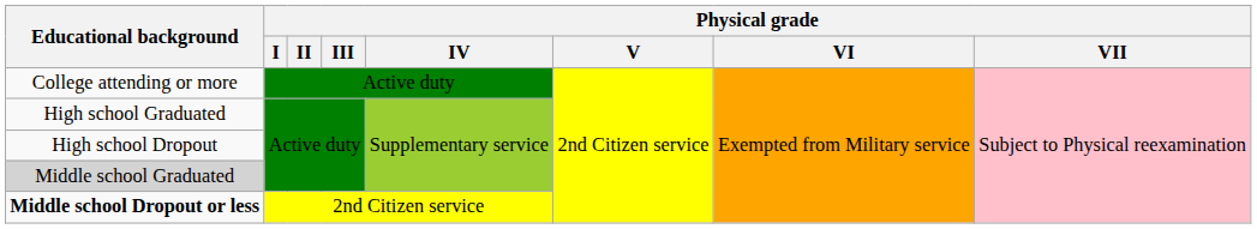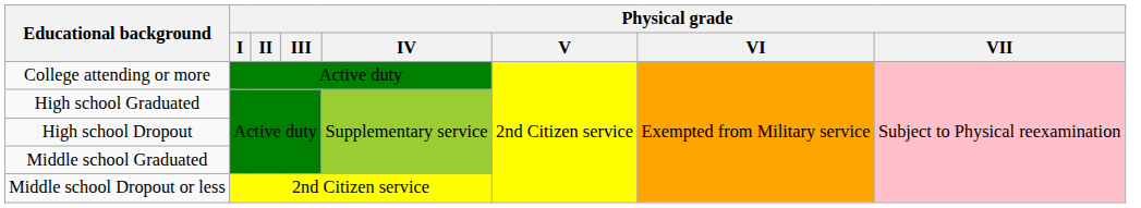 <table class="wikitable">
 <tr>
 <th rowspan="2">Educational background</th>
 <th colspan="7">Physical grade</th>
 </tr>
 <tr>
 <th>I</th>
 <th>II</th>
 <th>III</th>
 <th>IV</th>
 <th>V</th>
 <th>VI</th>
 <th>VII</th>
 </tr>
 <tr>
 <td div style="text-align:center">College attending or more</td>
 <td colspan="4" div style="background:green; text-align:center;">Active duty</td>
 <td rowspan="5" div style="background:yellow; text-align:center;">2nd Citizen service</td>
 <td rowspan="5" div style="background:orange; text-align:center;">Exempted from Military service</td>
 <td rowspan="5" div style="background:pink; text-align:center;">Subject to Physical reexamination</td>
 </tr>
 <tr>
 <td div style="text-align:center">High school Graduated</td>
 <td colspan="3" rowspan="3" div style="background:green; text-align:center;">Active duty</td>
 <td rowspan="3" div style="background:yellowgreen; text-align:center;">Supplementary service</td>
 </tr>
 <tr>
 <td div style="text-align:center">High school Dropout</td>
 </tr>
 <tr>
-<td div style="background: lightgrey; text-align:center">Middle school Graduated</td>
+<td div style="text-align:center">Middle school Graduated</td>
 </tr>
 <tr>
-<td div style="text-align:center"><strong>Middle school Dropout or less</strong></td>
+<td div style="text-align:center">Middle school Dropout or less</td>
 <td colspan="4" div style="background:yellow; text-align:center;">2nd Citizen service</td>
 </tr>
 </table>
